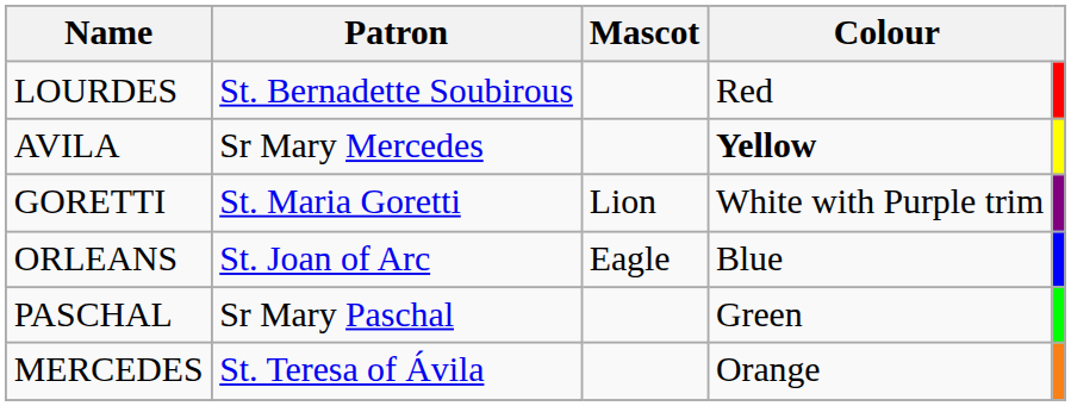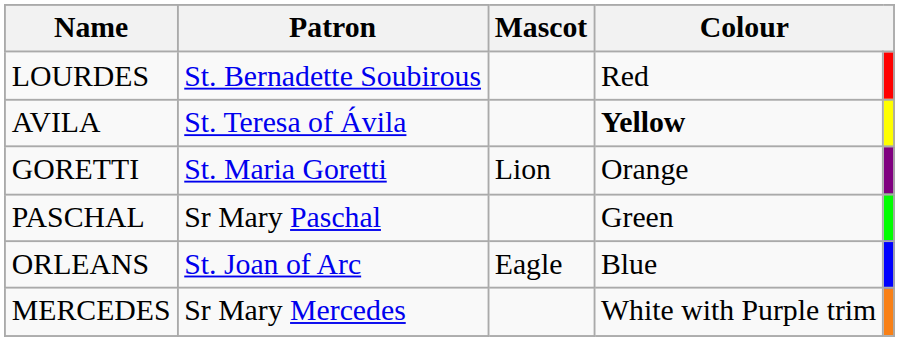 <table class="wikitable">
 <tr>
 <th>Name</th>
 <th>Patron</th>
 <th>Mascot</th>
 <th colspan="2">Colour</th>
 </tr>
 <tr>
 <td>LOURDES</td>
 <td><a href='#'>St. Bernadette Soubirous</a></td>
 <td></td>
 <td>Red</td>
 <td style="background:#F00; font-family:monospace;"></td>
 </tr>
 <tr>
 <td>AVILA</td>
-<td>Sr Mary <a href='#'>Mercedes</a></td>
+<td><a href='#'>St. Teresa of Ávila</a></td>
 <td></td>
 <td><strong>Yellow</strong></td>
 <td style="background:#ff0; font-family:monospace;"></td>
 </tr>
 <tr>
 <td>GORETTI</td>
 <td><a href='#'>St. Maria Goretti</a></td>
 <td>Lion</td>
-<td>White with Purple trim</td>
+<td>Orange</td>
 <td style="background:purple; font-family:monospace;"></td>
+</tr>
+<tr>
+<td>PASCHAL</td>
+<td>Sr Mary <a href='#'>Paschal</a></td>
+<td></td>
+<td>Green</td>
+<td style="background:#0f0; font-family:monospace;"></td>
 </tr>
 <tr>
 <td>ORLEANS</td>
 <td><a href='#'>St. Joan of Arc</a></td>
 <td>Eagle</td>
 <td>Blue</td>
 <td style="background:#00f; font-family:monospace;"></td>
 </tr>
 <tr>
-<td>PASCHAL</td>
-<td>Sr Mary <a href='#'>Paschal</a></td>
+<td>MERCEDES</td>
+<td>Sr Mary <a href='#'>Mercedes</a></td>
 <td></td>
-<td>Green</td>
-<td style="background:#0f0; font-family:monospace;"></td>
-</tr>
-<tr>
-<td>MERCEDES</td>
-<td><a href='#'>St. Teresa of Ávila</a></td>
-<td></td>
-<td>Orange</td>
+<td>White with Purple trim</td>
 <td style="background:#F88017; font-family:monospace;"></td>
 </tr>
 </table>
